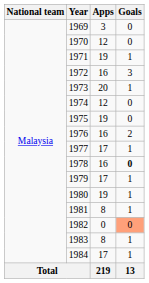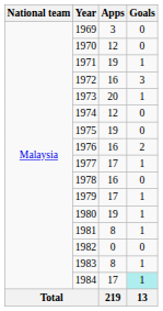 <table class="wikitable" style="text-align:center">
 <tr>
 <th>National team</th>
 <th>Year</th>
 <th>Apps</th>
 <th>Goals</th>
 </tr>
 <tr>
 <td rowspan="16"><a href='#'>Malaysia</a></td>
 <td>1969</td>
 <td>3</td>
 <td>0</td>
 </tr>
 <tr>
 <td>1970</td>
 <td>12</td>
 <td>0</td>
 </tr>
 <tr>
 <td>1971</td>
 <td>19</td>
 <td>1</td>
 </tr>
 <tr>
 <td>1972</td>
 <td>16</td>
 <td>3</td>
 </tr>
 <tr>
 <td>1973</td>
 <td>20</td>
 <td>1</td>
 </tr>
 <tr>
 <td>1974</td>
 <td>12</td>
 <td>0</td>
 </tr>
 <tr>
 <td>1975</td>
 <td>19</td>
 <td>0</td>
 </tr>
 <tr>
 <td>1976</td>
 <td>16</td>
 <td>2</td>
 </tr>
 <tr>
 <td>1977</td>
 <td>17</td>
 <td>1</td>
 </tr>
 <tr>
 <td>1978</td>
 <td>16</td>
-<td><strong>0</strong></td>
+<td>0</td>
 </tr>
 <tr>
 <td>1979</td>
 <td>17</td>
 <td>1</td>
 </tr>
 <tr>
 <td>1980</td>
 <td>19</td>
 <td>1</td>
 </tr>
 <tr>
 <td>1981</td>
 <td>8</td>
 <td>1</td>
 </tr>
 <tr>
 <td>1982</td>
 <td>0</td>
-<td style="background: lightsalmon;">0</td>
+<td>0</td>
 </tr>
 <tr>
 <td>1983</td>
 <td>8</td>
 <td>1</td>
 </tr>
 <tr>
 <td>1984</td>
 <td>17</td>
-<td>1</td>
+<td style="background: paleturquoise;">1</td>
 </tr>
 <tr>
 <th colspan="2">Total</th>
 <th>219</th>
 <th>13</th>
 </tr>
 </table>
